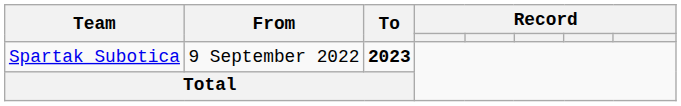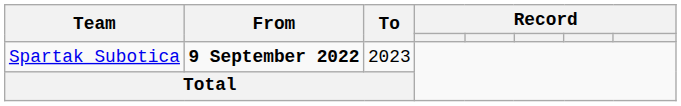 <table class="wikitable" style="text-align:center">
 <tr>
 <th rowspan="2">Team</th>
 <th rowspan="2">From</th>
 <th rowspan="2">To</th>
 <th colspan="5">Record</th>
 </tr>
 <tr>
 <th width=30></th>
 <th width=30></th>
 <th width=30></th>
 <th width=30></th>
 <th width=40></th>
 </tr>
 <tr>
 <td align=left><a href='#'>Spartak Subotica</a></td>
-<td align=left>9 September 2022</td>
-<td align=left><strong>2023<br></strong></td>
+<td align=left><strong>9 September 2022</strong></td>
+<td align=left>2023<br></td>
 </tr>
 <tr>
 <th colspan="3">Total<br></th>
 </tr>
 </table>
